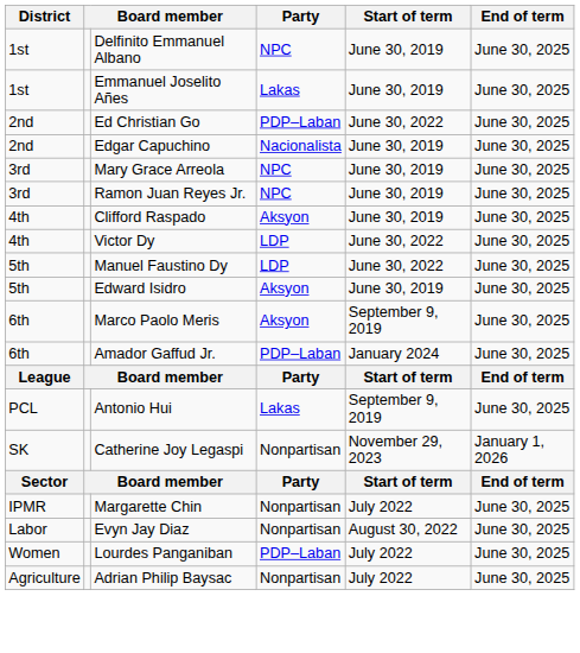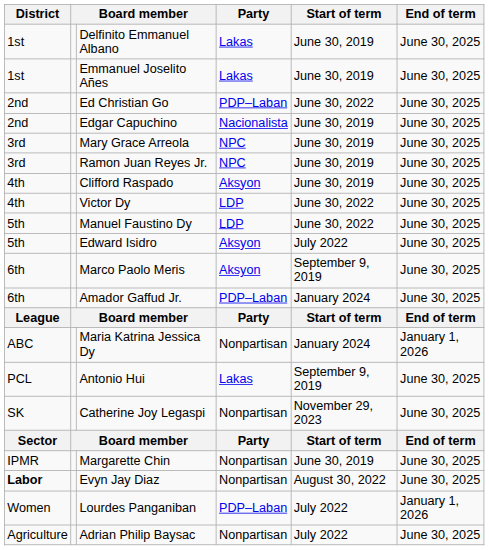 <table class="wikitable">
 <tr>
 <th>District</th>
 <th colspan="2">Board member</th>
 <th>Party</th>
 <th>Start of term</th>
 <th>End of term</th>
 </tr>
 <tr>
 <td>1st</td>
 <td></td>
 <td>Delfinito Emmanuel Albano</td>
-<td><a href='#'>NPC</a></td>
+<td><a href='#'>Lakas</a></td>
 <td>June 30, 2019</td>
 <td>June 30, 2025</td>
 </tr>
 <tr>
 <td>1st</td>
 <td></td>
 <td>Emmanuel Joselito Añes</td>
 <td><a href='#'>Lakas</a></td>
 <td>June 30, 2019</td>
 <td>June 30, 2025</td>
 </tr>
 <tr>
 <td>2nd</td>
 <td></td>
 <td>Ed Christian Go</td>
 <td><a href='#'>PDP–Laban</a></td>
 <td>June 30, 2022</td>
 <td>June 30, 2025</td>
 </tr>
 <tr>
 <td>2nd</td>
 <td></td>
 <td>Edgar Capuchino</td>
 <td><a href='#'>Nacionalista</a></td>
 <td>June 30, 2019</td>
 <td>June 30, 2025</td>
 </tr>
 <tr>
 <td>3rd</td>
 <td></td>
 <td>Mary Grace Arreola</td>
 <td><a href='#'>NPC</a></td>
 <td>June 30, 2019</td>
 <td>June 30, 2025</td>
 </tr>
 <tr>
 <td>3rd</td>
 <td></td>
 <td>Ramon Juan Reyes Jr.</td>
 <td><a href='#'>NPC</a></td>
 <td>June 30, 2019</td>
 <td>June 30, 2025</td>
 </tr>
 <tr>
 <td>4th</td>
 <td></td>
 <td>Clifford Raspado</td>
 <td><a href='#'>Aksyon</a></td>
 <td>June 30, 2019</td>
 <td>June 30, 2025</td>
 </tr>
 <tr>
 <td>4th</td>
 <td></td>
 <td>Victor Dy</td>
 <td><a href='#'>LDP</a></td>
 <td>June 30, 2022</td>
 <td>June 30, 2025</td>
 </tr>
 <tr>
 <td>5th</td>
 <td></td>
 <td>Manuel Faustino Dy</td>
 <td><a href='#'>LDP</a></td>
 <td>June 30, 2022</td>
 <td>June 30, 2025</td>
 </tr>
 <tr>
 <td>5th</td>
 <td></td>
 <td>Edward Isidro</td>
 <td><a href='#'>Aksyon</a></td>
-<td>June 30, 2019</td>
+<td>July 2022</td>
 <td>June 30, 2025</td>
 </tr>
 <tr>
 <td>6th</td>
 <td></td>
 <td>Marco Paolo Meris</td>
 <td><a href='#'>Aksyon</a></td>
 <td>September 9, 2019</td>
 <td>June 30, 2025</td>
 </tr>
 <tr>
 <td>6th</td>
 <td></td>
 <td>Amador Gaffud Jr.</td>
 <td><a href='#'>PDP–Laban</a></td>
 <td>January 2024</td>
 <td>June 30, 2025</td>
 </tr>
 <tr>
 <th>League</th>
 <th colspan="2">Board member</th>
 <th>Party</th>
 <th>Start of term</th>
 <th>End of term</th>
 </tr>
 <tr>
+<td>ABC</td>
+<td></td>
+<td>Maria Katrina Jessica Dy</td>
+<td>Nonpartisan</td>
+<td>January 2024</td>
+<td>January 1, 2026</td>
+</tr>
+<tr>
 <td>PCL</td>
 <td></td>
 <td>Antonio Hui</td>
 <td><a href='#'>Lakas</a></td>
 <td>September 9, 2019</td>
 <td>June 30, 2025</td>
 </tr>
 <tr>
 <td>SK</td>
 <td></td>
 <td>Catherine Joy Legaspi</td>
 <td>Nonpartisan</td>
 <td>November 29, 2023</td>
-<td>January 1, 2026</td>
+<td>June 30, 2025</td>
 </tr>
 <tr>
 <th>Sector</th>
 <th colspan="2">Board member</th>
 <th>Party</th>
 <th>Start of term</th>
 <th>End of term</th>
 </tr>
 <tr>
 <td>IPMR</td>
 <td></td>
 <td>Margarette Chin</td>
 <td>Nonpartisan</td>
-<td>July 2022</td>
+<td>June 30, 2019</td>
 <td>June 30, 2025</td>
 </tr>
 <tr>
-<td>Labor</td>
+<td><strong>Labor</strong></td>
 <td></td>
 <td>Evyn Jay Diaz</td>
 <td>Nonpartisan</td>
 <td>August 30, 2022</td>
 <td>June 30, 2025</td>
 </tr>
 <tr>
 <td>Women</td>
 <td></td>
 <td>Lourdes Panganiban</td>
 <td><a href='#'>PDP–Laban</a></td>
 <td>July 2022</td>
-<td>June 30, 2025</td>
+<td>January 1, 2026</td>
 </tr>
 <tr>
 <td>Agriculture</td>
 <td></td>
 <td>Adrian Philip Baysac</td>
 <td>Nonpartisan</td>
 <td>July 2022</td>
 <td>June 30, 2025</td>
 </tr>
 </table>
